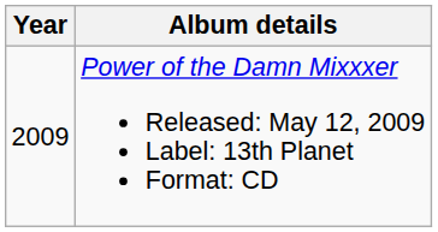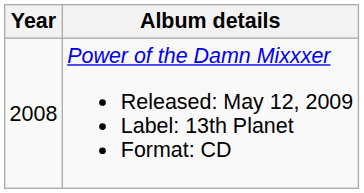 <table class="wikitable">
 <tr>
 <th>Year</th>
 <th>Album details</th>
 </tr>
 <tr>
-<td>2009</td>
+<td>2008</td>
 <td><em><a href='#'>Power of the Damn Mixxxer</a></em><br><ul><li>Released: May 12, 2009</li><li>Label: 13th Planet</li><li>Format: CD</li></ul></td>
 </tr>
 </table>
